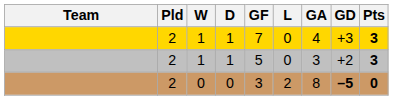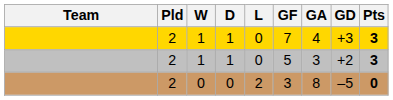 <table class="wikitable" style="text-align: center;">
 <tr>
 <th width=165>Team</th>
 <th width=25>Pld</th>
 <th width=25>W</th>
 <th width=25>D</th>
+<th width=25>L</th>
 <th width=25>GF</th>
-<th width=25>L</th>
 <th width=25>GA</th>
 <th width=25>GD</th>
 <th width=25>Pts</th>
 </tr>
 <tr bgcolor=gold>
 <td align="left"></td>
 <td>2</td>
 <td>1</td>
 <td>1</td>
+<td>0</td>
 <td>7</td>
-<td>0</td>
 <td>4</td>
 <td>+3</td>
 <td><strong>3</strong></td>
 </tr>
 <tr bgcolor=silver>
 <td align="left"></td>
 <td>2</td>
 <td>1</td>
 <td>1</td>
+<td>0</td>
 <td>5</td>
-<td>0</td>
 <td>3</td>
 <td>+2</td>
 <td><strong>3</strong></td>
 </tr>
 <tr bgcolor=#cc9966>
 <td align="left"></td>
 <td>2</td>
 <td>0</td>
 <td>0</td>
+<td>2</td>
 <td>3</td>
-<td>2</td>
 <td>8</td>
-<td><strong>–5</strong></td>
+<td>–5</td>
 <td><strong>0</strong></td>
 </tr>
 </table>
